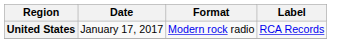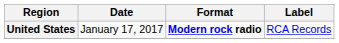 <table class="wikitable plainrowheaders">
 <tr>
 <th>Region</th>
 <th>Date</th>
 <th>Format</th>
 <th>Label</th>
 </tr>
 <tr>
 <th scope="row">United States</th>
 <td>January 17, 2017</td>
-<td><a href='#'>Modern rock</a> radio</td>
+<td><strong><a href='#'>Modern rock</a> radio</strong></td>
 <td><a href='#'>RCA Records</a></td>
 </tr>
 <tr>
 </tr>
 </table>
